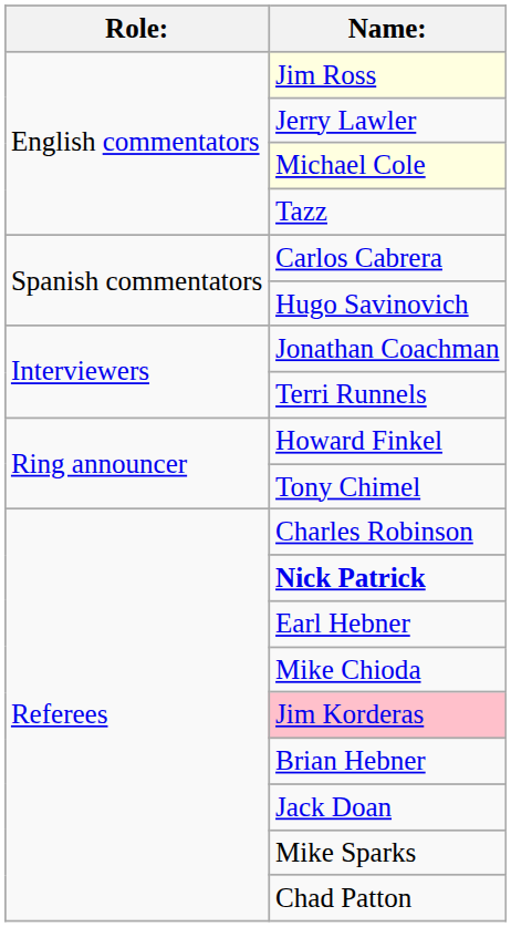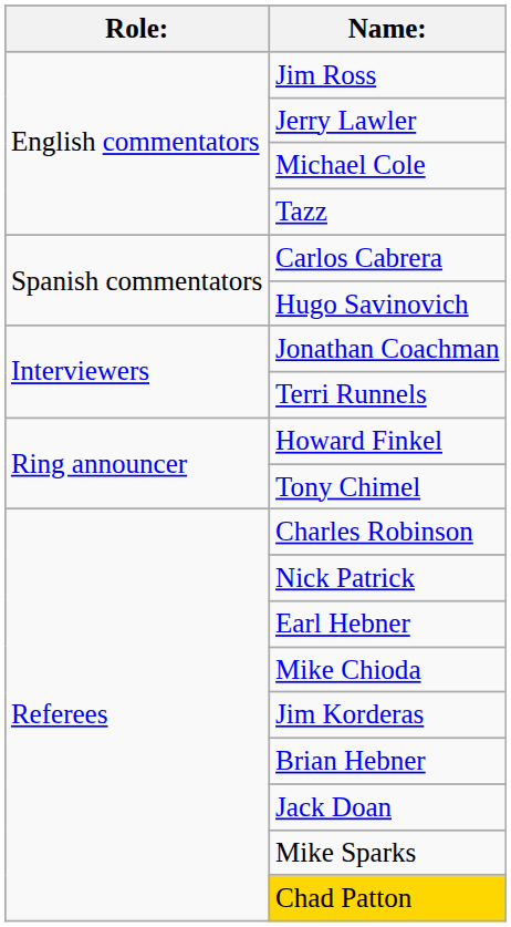 <table class=wikitable style="font-size:90%; margin: 0.5em 0 0.5em 1em; float: right; clear: right;">
 <tr>
 <th>Role:</th>
 <th>Name:</th>
 </tr>
 <tr>
 <td rowspan=4>English <a href='#'>commentators</a></td>
-<td style="background: lightyellow;"><a href='#'>Jim Ross</a> </td>
+<td><a href='#'>Jim Ross</a> </td>
 </tr>
 <tr>
 <td><a href='#'>Jerry Lawler</a> </td>
 </tr>
 <tr>
-<td style="background: lightyellow;"><a href='#'>Michael Cole</a> </td>
+<td><a href='#'>Michael Cole</a> </td>
 </tr>
 <tr>
 <td><a href='#'>Tazz</a> </td>
 </tr>
 <tr>
 <td rowspan=2>Spanish commentators</td>
 <td><a href='#'>Carlos Cabrera</a></td>
 </tr>
 <tr>
 <td><a href='#'>Hugo Savinovich</a></td>
 </tr>
 <tr>
 <td rowspan=2><a href='#'>Interviewers</a></td>
 <td><a href='#'>Jonathan Coachman</a></td>
 </tr>
 <tr>
 <td><a href='#'>Terri Runnels</a></td>
 </tr>
 <tr>
 <td rowspan=2><a href='#'>Ring announcer</a></td>
 <td><a href='#'>Howard Finkel</a> </td>
 </tr>
 <tr>
 <td><a href='#'>Tony Chimel</a> </td>
 </tr>
 <tr>
 <td rowspan=9><a href='#'>Referees</a></td>
 <td><a href='#'>Charles Robinson</a> </td>
 </tr>
 <tr>
-<td><strong><a href='#'>Nick Patrick</a> </strong></td>
+<td><a href='#'>Nick Patrick</a> </td>
 </tr>
 <tr>
 <td><a href='#'>Earl Hebner</a> </td>
 </tr>
 <tr>
 <td><a href='#'>Mike Chioda</a> </td>
 </tr>
 <tr>
-<td style="background: pink;"><a href='#'>Jim Korderas</a> </td>
+<td><a href='#'>Jim Korderas</a> </td>
 </tr>
 <tr>
 <td><a href='#'>Brian Hebner</a> </td>
 </tr>
 <tr>
 <td><a href='#'>Jack Doan</a> </td>
 </tr>
 <tr>
 <td>Mike Sparks </td>
 </tr>
 <tr>
-<td>Chad Patton </td>
+<td style="background: gold;">Chad Patton </td>
 </tr>
 </table>
